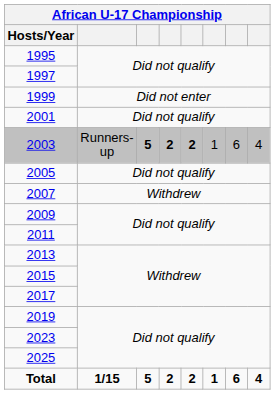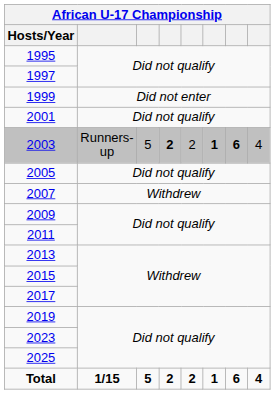 <table class="wikitable" style="text-align: center;">
 <tr>
 <th colspan=9><a href='#'>African U-17 Championship</a></th>
 </tr>
 <tr>
 <th>Hosts/Year</th>
 <th width=20></th>
 <th width=20></th>
 <th width=20></th>
 <th width=20></th>
 <th width=20></th>
 <th width=20></th>
 <th width=20></th>
 </tr>
 <tr>
 <td> <a href='#'>1995</a></td>
 <td colspan=7 rowspan=2><em>Did not qualify</em></td>
 </tr>
 <tr>
 <td> <a href='#'>1997</a></td>
 </tr>
 <tr>
 <td> <a href='#'>1999</a></td>
 <td colspan=7 rowspan=1><em>Did not enter</em></td>
 </tr>
 <tr>
 <td> <a href='#'>2001</a></td>
 <td colspan=7 rowspan=1><em>Did not qualify</em></td>
 </tr>
 <tr bgcolor=silver>
 <td> <a href='#'>2003</a></td>
 <td>Runners-up</td>
-<td><strong>5</strong></td>
+<td>5</td>
 <td><strong>2</strong></td>
-<td><strong>2</strong></td>
-<td>1</td>
-<td>6</td>
+<td>2</td>
+<td><strong>1</strong></td>
+<td><strong>6</strong></td>
 <td>4</td>
 </tr>
 <tr>
 <td> <a href='#'>2005</a></td>
 <td colspan=7 rowspan=1><em>Did not qualify</em></td>
 </tr>
 <tr>
 <td> <a href='#'>2007</a></td>
 <td colspan=7 rowspan=1><em>Withdrew</em></td>
 </tr>
 <tr>
 <td> <a href='#'>2009</a></td>
 <td colspan=7 rowspan=2><em>Did not qualify</em></td>
 </tr>
 <tr>
 <td> <a href='#'>2011</a></td>
 </tr>
 <tr>
 <td> <a href='#'>2013</a></td>
 <td colspan=7 rowspan=3><em>Withdrew</em></td>
 </tr>
 <tr>
 <td> <a href='#'>2015</a></td>
 </tr>
 <tr>
 <td> <a href='#'>2017</a></td>
 </tr>
 <tr>
 <td> <a href='#'>2019</a></td>
 <td colspan=7 rowspan=3><em>Did not qualify</em></td>
 </tr>
 <tr>
 <td> <a href='#'>2023</a></td>
 </tr>
 <tr>
 <td> <a href='#'>2025</a></td>
 </tr>
 <tr>
 <td><strong>Total</strong></td>
 <td><strong>1/15</strong></td>
 <td><strong>5</strong></td>
 <td><strong>2</strong></td>
 <td><strong>2</strong></td>
 <td><strong>1</strong></td>
 <td><strong>6</strong></td>
 <td><strong>4</strong></td>
 </tr>
 </table>
